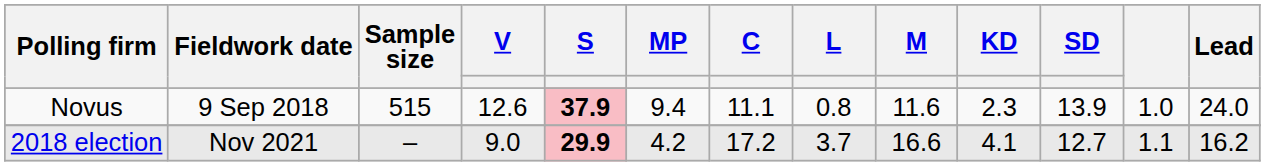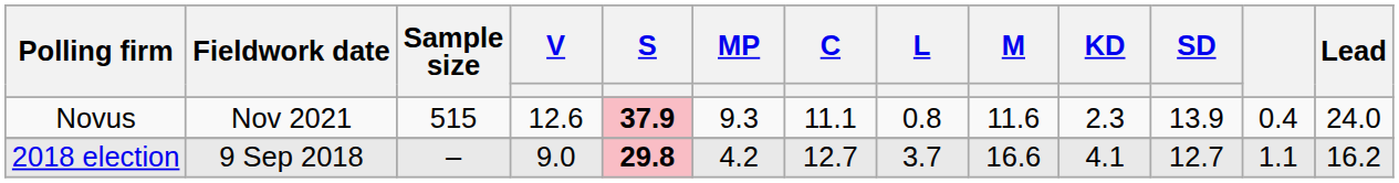 <table class="wikitable sortable" style="text-align:center;font-size:90%;line-height:14px;">
 <tr style="height:40px;">
 <th rowspan="2">Polling firm</th>
 <th rowspan="2">Fieldwork date</th>
 <th rowspan="2">Sample<br>size</th>
 <th class="sortable" style="width:40px;"><a href='#'>V</a></th>
 <th class="sortable" style="width:40px;"><a href='#'>S</a></th>
 <th class="sortable" style="width:40px;"><a href='#'>MP</a></th>
 <th class="sortable" style="width:40px;"><a href='#'>C</a></th>
 <th class="sortable" style="width:40px;"><a href='#'>L</a></th>
 <th class="sortable" style="width:40px;"><a href='#'>M</a></th>
 <th class="sortable" style="width:40px;"><a href='#'>KD</a></th>
 <th class="sortable" style="width:40px;"><a href='#'>SD</a></th>
 <th class="sortable" style="width:30px;" rowspan="2"></th>
 <th style="width:30px;" rowspan="2">Lead</th>
 </tr>
 <tr>
 <th style="background:"></th>
 <th style="background:"></th>
 <th style="background:"></th>
 <th style="background:"></th>
 <th style="background:"></th>
 <th style="background:"></th>
 <th style="background:"></th>
 <th style="background:"></th>
 </tr>
 <tr>
 <td>Novus</td>
-<td data-sort-value="2018-09-09">9 Sep 2018</td>
+<td>Nov 2021</td>
 <td>515</td>
 <td>12.6</td>
 <td style="background:#F9BDC5;"><strong>37.9</strong></td>
-<td>9.4</td>
+<td>9.3</td>
 <td>11.1</td>
 <td>0.8</td>
 <td>11.6</td>
 <td>2.3</td>
 <td>13.9</td>
-<td>1.0</td>
+<td>0.4</td>
 <td style="background:">24.0</td>
 </tr>
 <tr ->
 </tr>
 <tr style="background:#E9E9E9;">
 <td><a href='#'>2018 election</a></td>
-<td>Nov 2021</td>
+<td data-sort-value="2018-09-09">9 Sep 2018</td>
 <td>–</td>
 <td>9.0</td>
-<td style="background:#F9BDC5;"><strong>29.9</strong></td>
+<td style="background:#F9BDC5;"><strong>29.8</strong></td>
 <td>4.2</td>
-<td>17.2</td>
+<td>12.7</td>
 <td>3.7</td>
 <td>16.6</td>
 <td>4.1</td>
 <td>12.7</td>
 <td>1.1</td>
 <td style="background:">16.2</td>
 </tr>
 </table>
